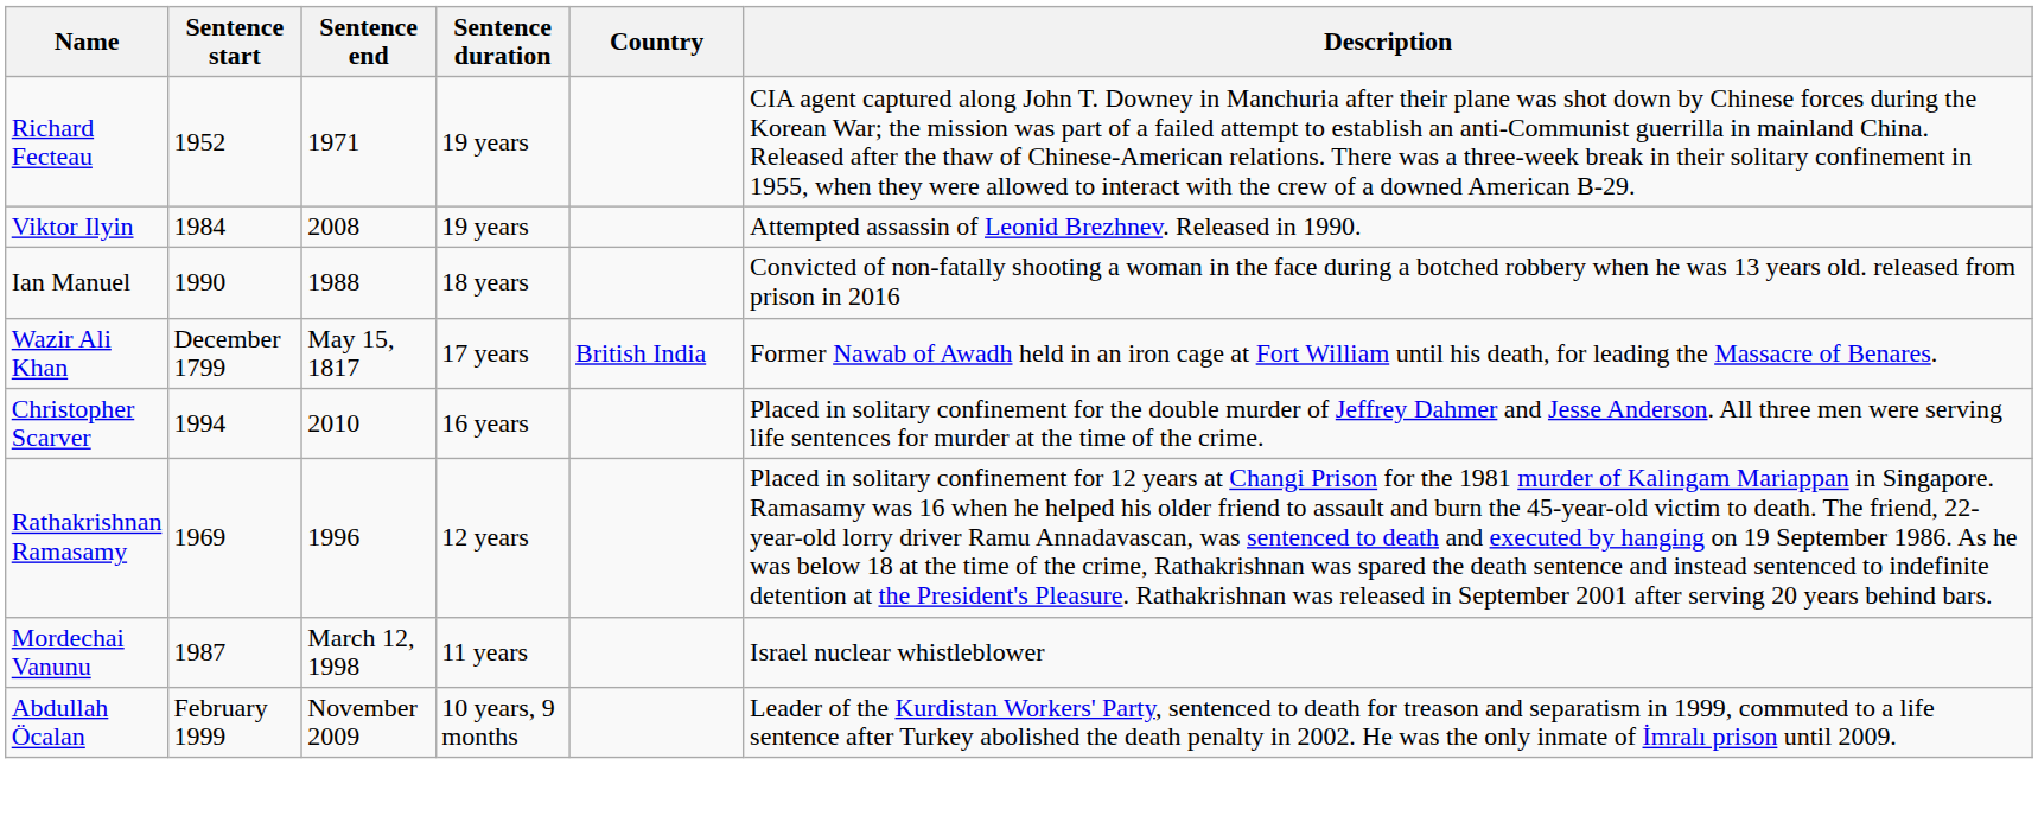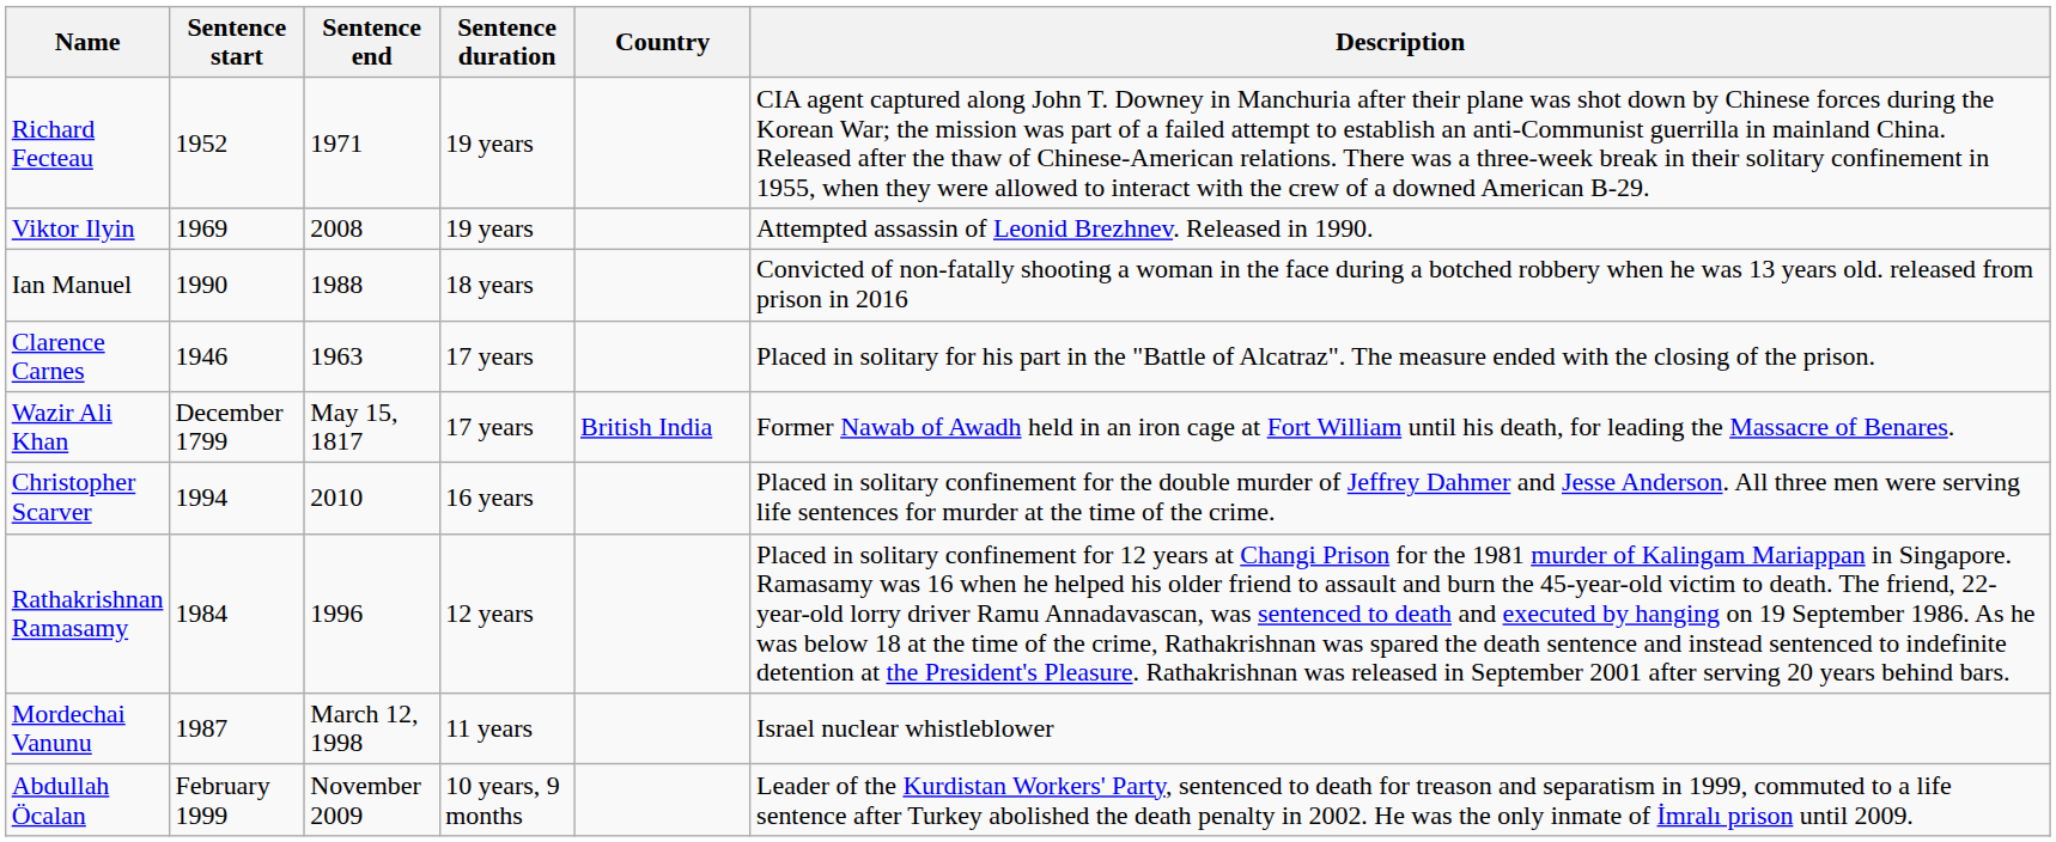 <table class="wikitable sortable" style="display: inline-table;width:;">
 <tr>
 <th style="width:76px;">Name</th>
 <th style="width:75px;">Sentence start</th>
 <th style="width:75px;">Sentence end</th>
 <th style="width:75px;">Sentence duration</th>
 <th style="width:100px;">Country</th>
 <th class="unsortable">Description</th>
 </tr>
 <tr>
 <td><a href='#'>Richard Fecteau</a></td>
 <td>1952</td>
 <td>1971</td>
 <td>19 years</td>
 <td> </td>
 <td>CIA agent captured along John T. Downey in Manchuria after their plane was shot down by Chinese forces during the Korean War; the mission was part of a failed attempt to establish an anti-Communist guerrilla in mainland China. Released after the thaw of Chinese-American relations. There was a three-week break in their solitary confinement in 1955, when they were allowed to interact with the crew of a downed American B-29.</td>
 </tr>
 <tr>
 <td><a href='#'>Viktor Ilyin</a></td>
-<td>1984</td>
+<td>1969</td>
 <td>2008</td>
 <td>19 years</td>
 <td> </td>
 <td>Attempted assassin of <a href='#'>Leonid Brezhnev</a>. Released in 1990.</td>
 </tr>
 <tr>
 <td>Ian Manuel</td>
 <td>1990</td>
 <td>1988</td>
 <td>18 years</td>
 <td> </td>
 <td>Convicted of non-fatally shooting a woman in the face during a botched robbery when he was 13 years old. released from prison in 2016</td>
+</tr>
+<tr>
+<td><a href='#'>Clarence Carnes</a></td>
+<td>1946</td>
+<td>1963</td>
+<td>17 years</td>
+<td> </td>
+<td>Placed in solitary for his part in the "Battle of Alcatraz". The measure ended with the closing of the prison.</td>
 </tr>
 <tr>
 <td><a href='#'>Wazir Ali Khan</a></td>
 <td>December 1799</td>
 <td>May 15, 1817</td>
 <td>17 years</td>
 <td>  <a href='#'>British India</a></td>
 <td>Former <a href='#'>Nawab of Awadh</a> held in an iron cage at <a href='#'>Fort William</a> until his death, for leading the <a href='#'>Massacre of Benares</a>.</td>
 </tr>
 <tr>
 <td><a href='#'>Christopher Scarver</a></td>
 <td>1994</td>
 <td>2010</td>
 <td>16 years</td>
 <td> </td>
 <td>Placed in solitary confinement for the double murder of <a href='#'>Jeffrey Dahmer</a> and <a href='#'>Jesse Anderson</a>. All three men were serving life sentences for murder at the time of the crime.</td>
 </tr>
 <tr>
 <td><a href='#'>Rathakrishnan Ramasamy</a></td>
-<td>1969</td>
+<td>1984</td>
 <td>1996</td>
 <td>12 years</td>
 <td> </td>
 <td>Placed in solitary confinement for 12 years at <a href='#'>Changi Prison</a> for the 1981 <a href='#'>murder of Kalingam Mariappan</a> in Singapore. Ramasamy was 16 when he helped his older friend to assault and burn the 45-year-old victim to death. The friend, 22-year-old lorry driver Ramu Annadavascan, was <a href='#'>sentenced to death</a> and <a href='#'>executed by hanging</a> on 19 September 1986. As he was below 18 at the time of the crime, Rathakrishnan was spared the death sentence and instead sentenced to indefinite detention at <a href='#'>the President's Pleasure</a>. Rathakrishnan was released in September 2001 after serving 20 years behind bars.</td>
 </tr>
 <tr>
 <td><a href='#'>Mordechai Vanunu</a></td>
 <td>1987</td>
 <td>March 12, 1998</td>
 <td>11 years</td>
 <td> </td>
 <td>Israel nuclear whistleblower</td>
 </tr>
 <tr>
 <td><a href='#'>Abdullah Öcalan</a></td>
 <td>February 1999</td>
 <td>November 2009</td>
 <td>10 years, 9 months</td>
 <td> </td>
 <td>Leader of the <a href='#'>Kurdistan Workers' Party</a>, sentenced to death for treason and separatism in 1999, commuted to a life sentence after Turkey abolished the death penalty in 2002. He was the only inmate of <a href='#'>İmralı prison</a> until 2009.</td>
 </tr>
 </table>
